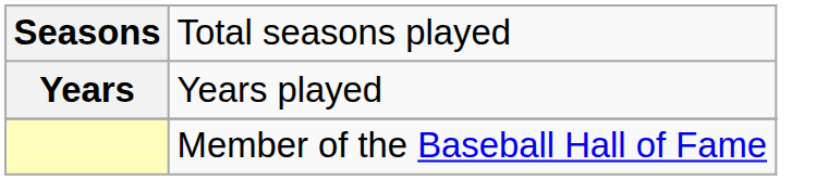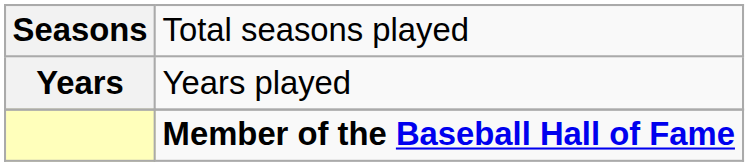 <table class="wikitable plainrowheaders">
 <tr>
 <th scope="row" style="text-align:center"><strong>Seasons</strong></th>
 <td>Total seasons played</td>
 </tr>
 <tr>
 <th scope="row" style="text-align:center"><strong>Years</strong></th>
 <td>Years played</td>
 </tr>
 <tr>
 </tr>
 <tr>
 <th scope="row" style="text-align:center; background:#ffb;"></th>
-<td>Member of the <a href='#'>Baseball Hall of Fame</a></td>
+<td><strong>Member of the <a href='#'>Baseball Hall of Fame</a></strong></td>
 </tr>
 </table>
